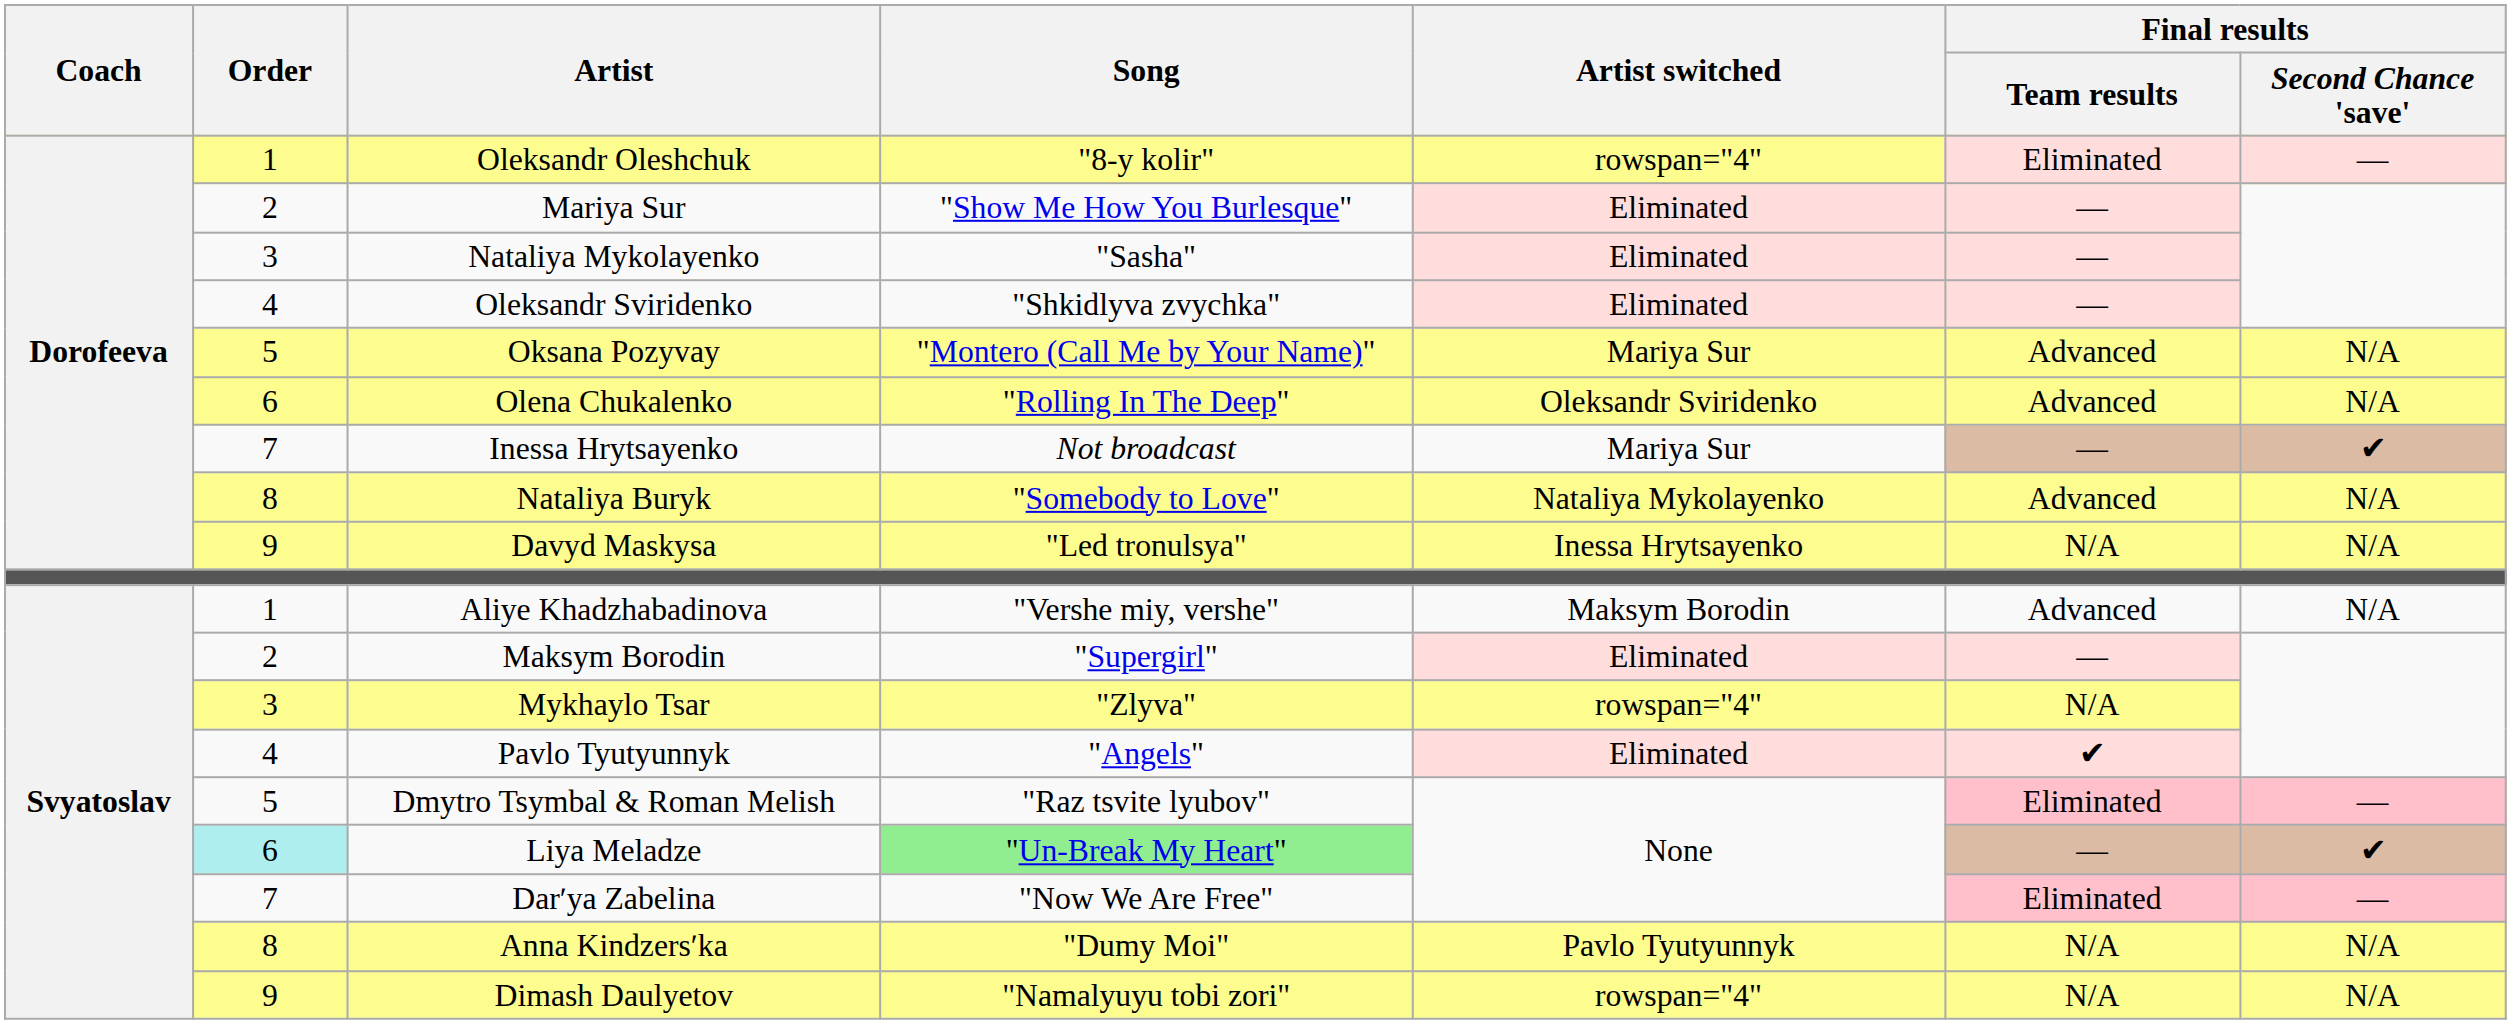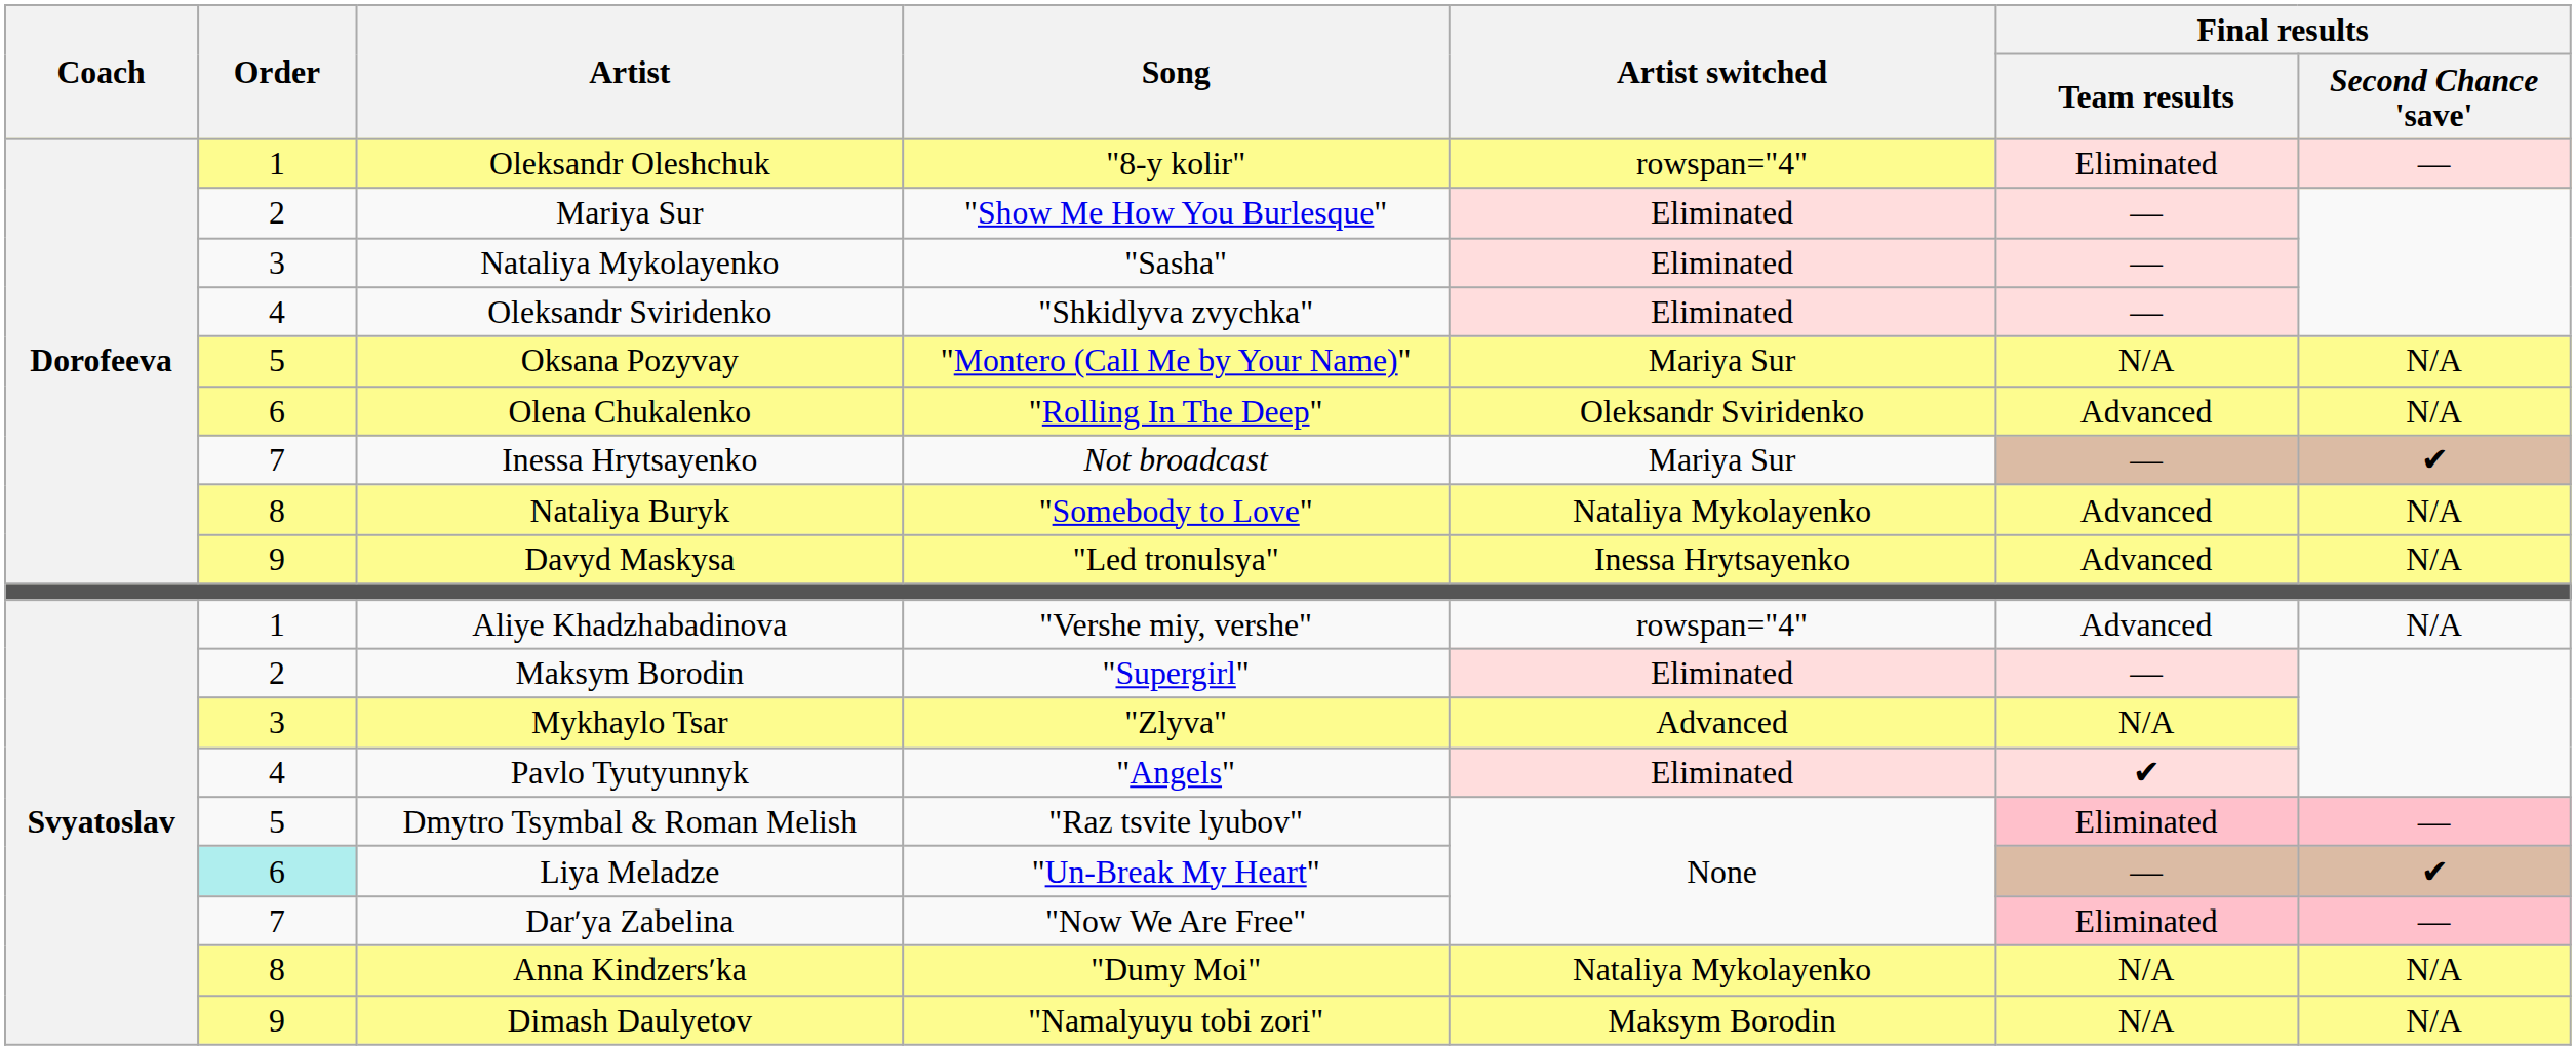 <table class="wikitable" style="text-align:center; line-height:17px; width:100%">
 <tr>
 <th rowspan="2" width="01%">Coach</th>
 <th rowspan="2" width="02%">Order</th>
 <th rowspan="2" width="10%">Artist</th>
 <th rowspan="2" width="10%">Song</th>
 <th rowspan="2" width="10%">Artist switched</th>
 <th colspan="2">Final results</th>
 </tr>
 <tr>
 <th width="05%">Team results</th>
 <th width="05%"><em>Second Chance</em> 'save'</th>
 </tr>
 <tr style="background:#fdfc8f">
 <th rowspan="9" scope="row">Dorofeeva</th>
 <td scope="row">1</td>
 <td>Oleksandr Oleshchuk</td>
 <td>"8-y kolir"</td>
 <td>rowspan="4" </td>
 <td style="background:#ffdddd">Eliminated</td>
 <td style="background:#ffdddd">—</td>
 </tr>
 <tr>
 <td scope="row">2</td>
 <td>Mariya Sur</td>
 <td>"<a href='#'>Show Me How You Burlesque</a>"</td>
 <td style="background:#ffdddd">Eliminated</td>
 <td style="background:#ffdddd">—</td>
 </tr>
 <tr>
 <td scope="row">3</td>
 <td>Nataliya Mykolayenko</td>
 <td>"Sasha"</td>
 <td style="background:#ffdddd">Eliminated</td>
 <td style="background:#ffdddd">—</td>
 </tr>
 <tr>
 <td scope="row">4</td>
 <td>Oleksandr Sviridenko</td>
 <td>"Shkidlyva zvychka"</td>
 <td style="background:#ffdddd">Eliminated</td>
 <td style="background:#ffdddd">—</td>
 </tr>
 <tr style="background:#fdfc8f">
 <td scope="row">5</td>
 <td>Oksana Pozyvay</td>
 <td>"<a href='#'>Montero (Call Me by Your Name)</a>"</td>
 <td>Mariya Sur</td>
-<td>Advanced</td>
+<td>N/A</td>
 <td>N/A</td>
 </tr>
 <tr style="background:#fdfc8f">
 <td scope="row">6</td>
 <td>Olena Chukalenko</td>
 <td>"<a href='#'>Rolling In The Deep</a>"</td>
 <td>Oleksandr Sviridenko</td>
 <td>Advanced</td>
 <td>N/A</td>
 </tr>
 <tr>
 <td scope="row">7</td>
 <td>Inessa Hrytsayenko</td>
 <td><em>Not broadcast</em></td>
 <td>Mariya Sur</td>
 <td style="background:#dbbba4">—</td>
 <td style="background:#dbbba4">✔</td>
 </tr>
 <tr style="background:#fdfc8f">
 <td scope="row">8</td>
 <td>Nataliya Buryk</td>
 <td>"<a href='#'>Somebody to Love</a>"</td>
 <td>Nataliya Mykolayenko</td>
 <td>Advanced</td>
 <td>N/A</td>
 </tr>
 <tr style="background:#fdfc8f">
 <td scope="row">9</td>
 <td>Davyd Maskysa</td>
 <td>"Led tronulsya"</td>
 <td>Inessa Hrytsayenko</td>
-<td>N/A</td>
+<td>Advanced</td>
 <td>N/A</td>
 </tr>
 <tr>
 <td style="background:#555" colspan="8"></td>
 </tr>
 <tr>
 <th rowspan="9" scope="row">Svyatoslav</th>
 <td scope="row">1</td>
 <td>Aliye Khadzhabadinova</td>
 <td>"Vershe miy, vershe"</td>
-<td>Maksym Borodin</td>
+<td>rowspan="4" </td>
 <td>Advanced</td>
 <td>N/A</td>
 </tr>
 <tr>
 <td scope="row">2</td>
 <td>Maksym Borodin</td>
 <td>"<a href='#'>Supergirl</a>"</td>
 <td style="background:#ffdddd">Eliminated</td>
 <td style="background:#ffdddd">—</td>
 </tr>
 <tr style="background:#fdfc8f">
 <td scope="row">3</td>
 <td>Mykhaylo Tsar</td>
 <td>"Zlyva"</td>
-<td>rowspan="4" </td>
+<td>Advanced</td>
 <td>N/A</td>
 </tr>
 <tr>
 <td scope="row">4</td>
 <td>Pavlo Tyutyunnyk</td>
 <td>"<a href='#'>Angels</a>"</td>
 <td style="background:#ffdddd">Eliminated</td>
 <td style="background:#ffdddd">✔</td>
 </tr>
 <tr>
 <td scope="row">5</td>
 <td>Dmytro Tsymbal & Roman Melish</td>
 <td>"Raz tsvite lyubov"</td>
 <td rowspan="3">None</td>
 <td style="background:pink">Eliminated</td>
 <td style="background:pink">—</td>
 </tr>
 <tr>
 <td scope="row" style="background: paleturquoise;">6</td>
 <td>Liya Meladze</td>
-<td style="background: lightgreen;">"<a href='#'>Un-Break My Heart</a>"</td>
+<td>"<a href='#'>Un-Break My Heart</a>"</td>
 <td style="background:#dbbba4">—</td>
 <td style="background:#dbbba4">✔</td>
 </tr>
 <tr>
 <td scope="row">7</td>
 <td>Darʹya Zabelina</td>
 <td>"Now We Are Free"</td>
 <td style="background: pink">Eliminated</td>
 <td style="background: pink">—</td>
 </tr>
 <tr style="background:#fdfc8f">
 <td scope="row">8</td>
 <td>Anna Kindzersʹka</td>
 <td>"Dumy Moi"</td>
-<td>Pavlo Tyutyunnyk</td>
+<td>Nataliya Mykolayenko</td>
 <td>N/A</td>
 <td>N/A</td>
 </tr>
 <tr style="background:#fdfc8f">
 <td scope="row">9</td>
 <td>Dimash Daulyetov</td>
 <td>"Namalyuyu tobi zori"</td>
-<td>rowspan="4" </td>
+<td>Maksym Borodin</td>
 <td>N/A</td>
 <td>N/A</td>
 </tr>
 </table>
